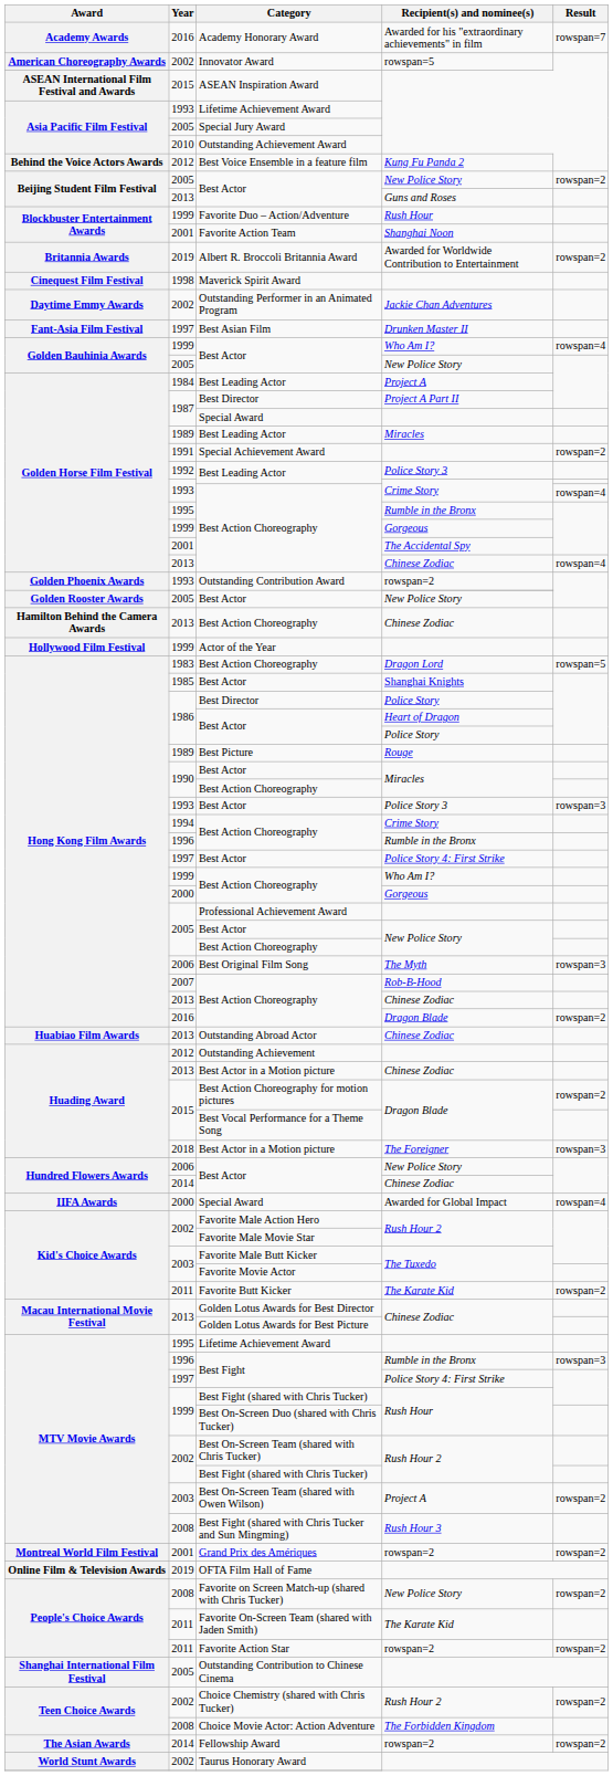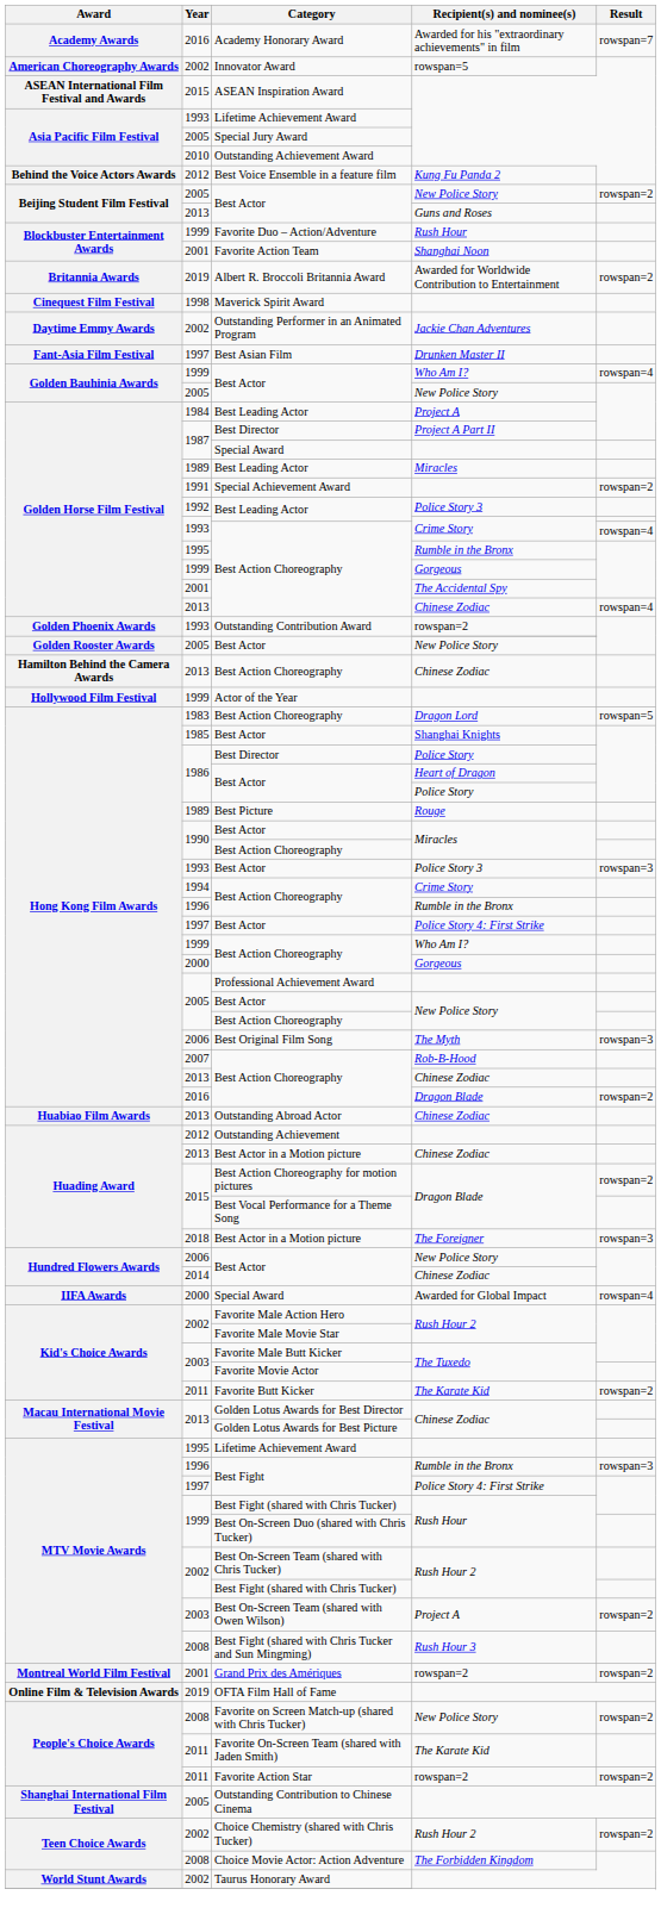 <table class="wikitable sortable plainrowheaders">
 <tr>
 <th scope="col">Award</th>
 <th scope="col">Year</th>
 <th scope="col">Category</th>
 <th scope="col">Recipient(s) and nominee(s)</th>
 <th scope="col">Result</th>
 </tr>
 <tr>
 <th scope="row"><a href='#'>Academy Awards</a></th>
 <td>2016</td>
 <td>Academy Honorary Award</td>
 <td>Awarded for his "extraordinary achievements" in film</td>
 <td>rowspan=7 </td>
 </tr>
 <tr>
 <th scope="row"><a href='#'>American Choreography Awards</a></th>
 <td>2002</td>
 <td>Innovator Award</td>
 <td>rowspan=5 </td>
 </tr>
 <tr>
 <th scope="row">ASEAN International Film Festival and Awards</th>
 <td>2015</td>
 <td>ASEAN Inspiration Award</td>
 </tr>
 <tr>
 <th scope="row" rowspan=3 align="center"><a href='#'>Asia Pacific Film Festival</a></th>
 <td>1993</td>
 <td>Lifetime Achievement Award</td>
 </tr>
 <tr>
 <td>2005</td>
 <td>Special Jury Award</td>
 </tr>
 <tr>
 <td>2010</td>
 <td>Outstanding Achievement Award</td>
 </tr>
 <tr>
 <th scope="row">Behind the Voice Actors Awards</th>
 <td>2012</td>
 <td>Best Voice Ensemble in a feature film</td>
 <td><em><a href='#'>Kung Fu Panda 2</a></em></td>
 </tr>
 <tr>
 <th scope="row" rowspan=2 align="center">Beijing Student Film Festival</th>
 <td>2005</td>
 <td rowspan=2>Best Actor</td>
 <td><em><a href='#'>New Police Story</a></em></td>
 <td>rowspan=2 </td>
 </tr>
 <tr>
 <td>2013</td>
 <td><em>Guns and Roses</em></td>
 </tr>
 <tr>
 <th scope="row" rowspan=2 align="center"><a href='#'>Blockbuster Entertainment Awards</a></th>
 <td>1999</td>
 <td>Favorite Duo – Action/Adventure</td>
 <td><em><a href='#'>Rush Hour</a></em></td>
 <td></td>
 </tr>
 <tr>
 <td>2001</td>
 <td>Favorite Action Team</td>
 <td><em><a href='#'>Shanghai Noon</a></em></td>
 <td></td>
 </tr>
 <tr>
 <th scope="row"><a href='#'>Britannia Awards</a></th>
 <td>2019</td>
 <td>Albert R. Broccoli Britannia Award</td>
 <td>Awarded for Worldwide Contribution to Entertainment</td>
 <td>rowspan=2 </td>
 </tr>
 <tr>
 <th scope="row"><a href='#'>Cinequest Film Festival</a></th>
 <td>1998</td>
 <td>Maverick Spirit Award</td>
 <td></td>
 </tr>
 <tr>
 <th scope="row"><a href='#'>Daytime Emmy Awards</a></th>
 <td>2002</td>
 <td>Outstanding Performer in an Animated Program</td>
 <td><em><a href='#'>Jackie Chan Adventures</a></em></td>
 <td></td>
 </tr>
 <tr>
 <th scope="row"><a href='#'>Fant-Asia Film Festival</a></th>
 <td>1997</td>
 <td>Best Asian Film</td>
 <td><em><a href='#'>Drunken Master II</a></em></td>
 <td></td>
 </tr>
 <tr>
 <th scope="row" rowspan=2 align="center"><a href='#'>Golden Bauhinia Awards</a></th>
 <td>1999</td>
 <td rowspan=2>Best Actor</td>
 <td><em><a href='#'>Who Am I?</a></em></td>
 <td>rowspan=4 </td>
 </tr>
 <tr>
 <td>2005</td>
 <td><em>New Police Story</em></td>
 </tr>
 <tr>
 <th scope="row" rowspan=12 align="center"><a href='#'>Golden Horse Film Festival</a></th>
 <td>1984</td>
 <td>Best Leading Actor</td>
 <td><em><a href='#'>Project A</a></em></td>
 </tr>
 <tr>
 <td rowspan=2>1987</td>
 <td>Best Director</td>
 <td><em><a href='#'>Project A Part II</a></em></td>
 </tr>
 <tr>
 <td>Special Award</td>
 <td></td>
 <td></td>
 </tr>
 <tr>
 <td>1989</td>
 <td>Best Leading Actor</td>
 <td><em><a href='#'>Miracles</a></em></td>
 <td></td>
 </tr>
 <tr>
 <td>1991</td>
 <td>Special Achievement Award</td>
 <td></td>
 <td>rowspan=2 </td>
 </tr>
 <tr>
 <td>1992</td>
 <td rowspan=2>Best Leading Actor</td>
 <td><em><a href='#'>Police Story 3</a></em></td>
 </tr>
 <tr>
 <td rowspan=2>1993</td>
 <td rowspan=2><em><a href='#'>Crime Story</a></em></td>
 <td></td>
 </tr>
 <tr>
 <td rowspan=5>Best Action Choreography</td>
 <td>rowspan=4 </td>
 </tr>
 <tr>
 <td>1995</td>
 <td><em><a href='#'>Rumble in the Bronx</a></em></td>
 </tr>
 <tr>
 <td>1999</td>
 <td><em><a href='#'>Gorgeous</a></em></td>
 </tr>
 <tr>
 <td>2001</td>
 <td><em><a href='#'>The Accidental Spy</a></em></td>
 </tr>
 <tr>
 <td>2013</td>
 <td><em><a href='#'>Chinese Zodiac</a></em></td>
 <td>rowspan=4 </td>
 </tr>
 <tr>
 <th scope="row" rowspan=2 align="center"><a href='#'>Golden Phoenix Awards</a></th>
 <td>1993</td>
 <td rowspan=2>Outstanding Contribution Award</td>
 <td>rowspan=2 </td>
 </tr>
 <tr>
 <td rowspan=2>2005</td>
 </tr>
 <tr>
 <th scope="row"><a href='#'>Golden Rooster Awards</a></th>
 <td>Best Actor</td>
 <td><em>New Police Story</em></td>
 </tr>
 <tr>
 <th scope="row">Hamilton Behind the Camera Awards</th>
 <td>2013</td>
 <td>Best Action Choreography</td>
 <td><em>Chinese Zodiac</em></td>
 <td></td>
 </tr>
 <tr>
 <th scope="row"><a href='#'>Hollywood Film Festival</a></th>
 <td>1999</td>
 <td>Actor of the Year</td>
 <td></td>
 <td></td>
 </tr>
 <tr>
 <th scope="row" rowspan=23 align="center"><a href='#'>Hong Kong Film Awards</a></th>
 <td>1983</td>
 <td>Best Action Choreography</td>
 <td><em><a href='#'>Dragon Lord</a></em></td>
 <td>rowspan=5 </td>
 </tr>
 <tr>
 <td>1985</td>
 <td>Best Actor</td>
 <td><a href='#'>Shanghai Knights</a></td>
 </tr>
 <tr>
 <td rowspan=3>1986</td>
 <td>Best Director</td>
 <td><em><a href='#'>Police Story</a></em></td>
 </tr>
 <tr>
 <td rowspan=2>Best Actor</td>
 <td><em><a href='#'>Heart of Dragon</a></em></td>
 </tr>
 <tr>
 <td><em>Police Story</em></td>
 </tr>
 <tr>
 <td>1989</td>
 <td>Best Picture</td>
 <td><em><a href='#'>Rouge</a></em></td>
 <td></td>
 </tr>
 <tr>
 <td rowspan=2>1990</td>
 <td>Best Actor</td>
 <td rowspan=2><em>Miracles</em></td>
 <td></td>
 </tr>
 <tr>
 <td>Best Action Choreography</td>
 <td></td>
 </tr>
 <tr>
 <td>1993</td>
 <td rowspan=2>Best Actor</td>
 <td><em>Police Story 3</em></td>
 <td>rowspan=3 </td>
 </tr>
 <tr>
 <td rowspan=2>1994</td>
 <td rowspan=2><em><a href='#'>Crime Story</a></em></td>
 </tr>
 <tr>
 <td rowspan=2>Best Action Choreography</td>
 </tr>
 <tr>
 <td>1996</td>
 <td><em>Rumble in the Bronx</em></td>
 <td></td>
 </tr>
 <tr>
 <td>1997</td>
 <td>Best Actor</td>
 <td><em><a href='#'>Police Story 4: First Strike</a></em></td>
 <td></td>
 </tr>
 <tr>
 <td>1999</td>
 <td rowspan=2>Best Action Choreography</td>
 <td><em>Who Am I?</em></td>
 <td></td>
 </tr>
 <tr>
 <td>2000</td>
 <td><em><a href='#'>Gorgeous</a></em></td>
 <td></td>
 </tr>
 <tr>
 <td rowspan=3>2005</td>
 <td>Professional Achievement Award</td>
 <td></td>
 <td></td>
 </tr>
 <tr>
 <td>Best Actor</td>
 <td rowspan=2><em>New Police Story</em></td>
 <td></td>
 </tr>
 <tr>
 <td>Best Action Choreography</td>
 <td></td>
 </tr>
 <tr>
 <td rowspan=2>2006</td>
 <td>Best Original Film Song</td>
 <td rowspan=2><em><a href='#'>The Myth</a></em></td>
 <td>rowspan=3 </td>
 </tr>
 <tr>
 <td rowspan=4>Best Action Choreography</td>
 </tr>
 <tr>
 <td>2007</td>
 <td><em><a href='#'>Rob-B-Hood</a></em></td>
 </tr>
 <tr>
 <td>2013</td>
 <td><em>Chinese Zodiac</em></td>
 <td></td>
 </tr>
 <tr>
 <td>2016</td>
 <td><em><a href='#'>Dragon Blade</a></em></td>
 <td>rowspan=2 </td>
 </tr>
 <tr>
 <th scope="row"><a href='#'>Huabiao Film Awards</a></th>
 <td>2013</td>
 <td>Outstanding Abroad Actor</td>
 <td><em><a href='#'>Chinese Zodiac</a></em></td>
 </tr>
 <tr>
 <th scope="row" rowspan=5 align="center"><a href='#'>Huading Award</a></th>
 <td>2012</td>
 <td>Outstanding Achievement</td>
 <td></td>
 <td></td>
 </tr>
 <tr>
 <td>2013</td>
 <td>Best Actor in a Motion picture</td>
 <td><em>Chinese Zodiac</em></td>
 <td></td>
 </tr>
 <tr>
 <td rowspan=2>2015</td>
 <td>Best Action Choreography for motion pictures</td>
 <td rowspan=2><em>Dragon Blade</em></td>
 <td>rowspan=2 </td>
 </tr>
 <tr>
 <td>Best Vocal Performance for a Theme Song</td>
 </tr>
 <tr>
 <td>2018</td>
 <td>Best Actor in a Motion picture</td>
 <td><em><a href='#'>The Foreigner</a></em></td>
 <td>rowspan=3 </td>
 </tr>
 <tr>
 <th scope="row" rowspan=2 align="center"><a href='#'>Hundred Flowers Awards</a></th>
 <td>2006</td>
 <td rowspan=2>Best Actor</td>
 <td><em>New Police Story</em></td>
 </tr>
 <tr>
 <td>2014</td>
 <td><em>Chinese Zodiac</em></td>
 </tr>
 <tr>
 <th scope="row"><a href='#'>IIFA Awards</a></th>
 <td>2000</td>
 <td>Special Award</td>
 <td>Awarded for Global Impact</td>
 <td>rowspan=4 </td>
 </tr>
 <tr>
 <th scope="row" rowspan=5 align="center"><a href='#'>Kid's Choice Awards</a></th>
 <td rowspan=2>2002</td>
 <td>Favorite Male Action Hero</td>
 <td rowspan=2><em><a href='#'>Rush Hour 2</a></em></td>
 </tr>
 <tr>
 <td>Favorite Male Movie Star</td>
 </tr>
 <tr>
 <td rowspan=2>2003</td>
 <td>Favorite Male Butt Kicker</td>
 <td rowspan=2><em><a href='#'>The Tuxedo</a></em></td>
 </tr>
 <tr>
 <td>Favorite Movie Actor</td>
 <td></td>
 </tr>
 <tr>
 <td>2011</td>
 <td>Favorite Butt Kicker</td>
 <td><em><a href='#'>The Karate Kid</a></em></td>
 <td>rowspan=2 </td>
 </tr>
 <tr>
 <th scope="row" rowspan=2 align="center"><a href='#'>Macau International Movie Festival</a></th>
 <td rowspan=2>2013</td>
 <td>Golden Lotus Awards for Best Director</td>
 <td rowspan=2><em>Chinese Zodiac</em></td>
 </tr>
 <tr>
 <td>Golden Lotus Awards for Best Picture</td>
 <td></td>
 </tr>
 <tr>
 <th scope="row" rowspan=9 align="center"><a href='#'>MTV Movie Awards</a></th>
 <td>1995</td>
 <td>Lifetime Achievement Award</td>
 <td></td>
 <td></td>
 </tr>
 <tr>
 <td>1996</td>
 <td rowspan=2>Best Fight</td>
 <td><em>Rumble in the Bronx</em></td>
 <td>rowspan=3 </td>
 </tr>
 <tr>
 <td>1997</td>
 <td><em>Police Story 4: First Strike</em></td>
 </tr>
 <tr>
 <td rowspan=2>1999</td>
 <td>Best Fight (shared with Chris Tucker)</td>
 <td rowspan=2><em>Rush Hour</em></td>
 </tr>
 <tr>
 <td>Best On-Screen Duo (shared with Chris Tucker)</td>
 <td></td>
 </tr>
 <tr>
 <td rowspan=2>2002</td>
 <td>Best On-Screen Team (shared with Chris Tucker)</td>
 <td rowspan=2><em>Rush Hour 2</em></td>
 <td></td>
 </tr>
 <tr>
 <td>Best Fight (shared with Chris Tucker)</td>
 <td></td>
 </tr>
 <tr>
 <td>2003</td>
 <td>Best On-Screen Team (shared with Owen Wilson)</td>
 <td><em>Project A</em></td>
 <td>rowspan=2 </td>
 </tr>
 <tr>
 <td>2008</td>
 <td>Best Fight (shared with Chris Tucker and Sun Mingming)</td>
 <td><em><a href='#'>Rush Hour 3</a></em></td>
 </tr>
 <tr>
 <th scope="row"><a href='#'>Montreal World Film Festival</a></th>
 <td>2001</td>
 <td><a href='#'>Grand Prix des Amériques</a></td>
 <td>rowspan=2 </td>
 <td>rowspan=2 </td>
 </tr>
 <tr>
 <th scope="row">Online Film & Television Awards</th>
 <td>2019</td>
 <td>OFTA Film Hall of Fame</td>
 </tr>
 <tr>
 <th scope="row" rowspan=3 align="center"><a href='#'>People's Choice Awards</a></th>
 <td>2008</td>
 <td>Favorite on Screen Match-up (shared with Chris Tucker)</td>
 <td><em>New Police Story</em></td>
 <td>rowspan=2 </td>
 </tr>
 <tr>
 <td>2011</td>
 <td>Favorite On-Screen Team (shared with Jaden Smith)</td>
 <td><em>The Karate Kid</em></td>
 </tr>
 <tr>
 <td>2011</td>
 <td>Favorite Action Star</td>
 <td>rowspan=2 </td>
 <td>rowspan=2 </td>
 </tr>
 <tr>
 <th scope="row"><a href='#'>Shanghai International Film Festival</a></th>
 <td>2005</td>
 <td>Outstanding Contribution to Chinese Cinema</td>
 </tr>
 <tr>
 <th scope="row" rowspan=2 align="center"><a href='#'>Teen Choice Awards</a></th>
 <td>2002</td>
 <td>Choice Chemistry (shared with Chris Tucker)</td>
 <td><em>Rush Hour 2</em></td>
 <td>rowspan=2 </td>
 </tr>
 <tr>
 <td>2008</td>
 <td>Choice Movie Actor: Action Adventure</td>
 <td><em><a href='#'>The Forbidden Kingdom</a></em></td>
 </tr>
 <tr>
-<th scope="row"><a href='#'>The Asian Awards</a></th>
-<td>2014</td>
-<td>Fellowship Award</td>
-<td>rowspan=2 </td>
-<td>rowspan=2 </td>
-</tr>
-<tr>
 <th scope="row"><a href='#'>World Stunt Awards</a></th>
 <td>2002</td>
 <td>Taurus Honorary Award</td>
 </tr>
 <tr>
 </tr>
 </table>
